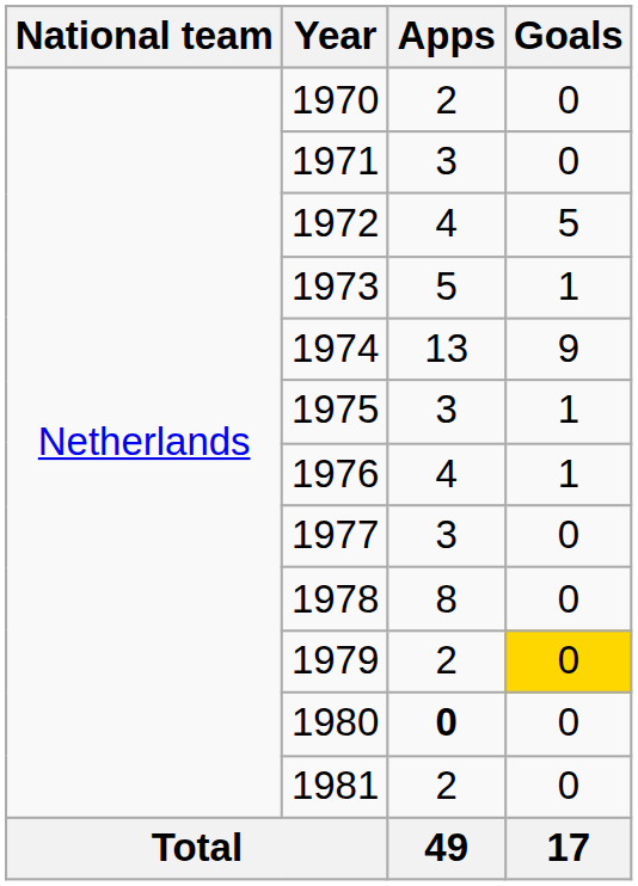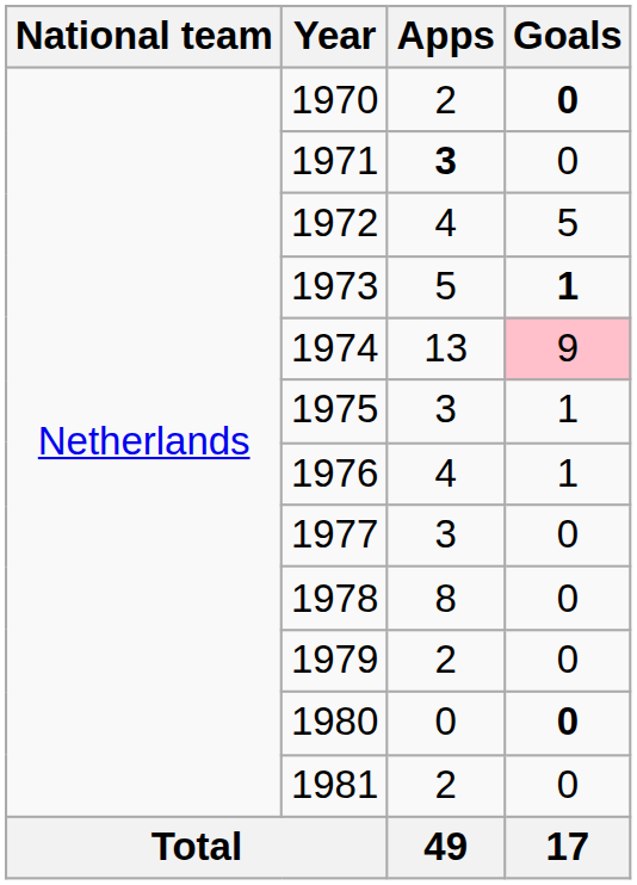 <table class="wikitable" style="text-align:center">
 <tr>
 <th>National team</th>
 <th>Year</th>
 <th>Apps</th>
 <th>Goals</th>
 </tr>
 <tr>
 <td rowspan="12"><a href='#'>Netherlands</a></td>
 <td>1970</td>
 <td>2</td>
-<td>0</td>
+<td><strong>0</strong></td>
 </tr>
 <tr>
 <td>1971</td>
-<td>3</td>
+<td><strong>3</strong></td>
 <td>0</td>
 </tr>
 <tr>
 <td>1972</td>
 <td>4</td>
 <td>5</td>
 </tr>
 <tr>
 <td>1973</td>
 <td>5</td>
-<td>1</td>
+<td><strong>1</strong></td>
 </tr>
 <tr>
 <td>1974</td>
 <td>13</td>
-<td>9</td>
+<td style="background: pink;">9</td>
 </tr>
 <tr>
 <td>1975</td>
 <td>3</td>
 <td>1</td>
 </tr>
 <tr>
 <td>1976</td>
 <td>4</td>
 <td>1</td>
 </tr>
 <tr>
 <td>1977</td>
 <td>3</td>
 <td>0</td>
 </tr>
 <tr>
 <td>1978</td>
 <td>8</td>
 <td>0</td>
 </tr>
 <tr>
 <td>1979</td>
 <td>2</td>
-<td style="background: gold;">0</td>
+<td>0</td>
 </tr>
 <tr>
 <td>1980</td>
+<td>0</td>
 <td><strong>0</strong></td>
-<td>0</td>
 </tr>
 <tr>
 <td>1981</td>
 <td>2</td>
 <td>0</td>
 </tr>
 <tr>
 <th colspan="2">Total</th>
 <th>49</th>
 <th>17</th>
 </tr>
 </table>
